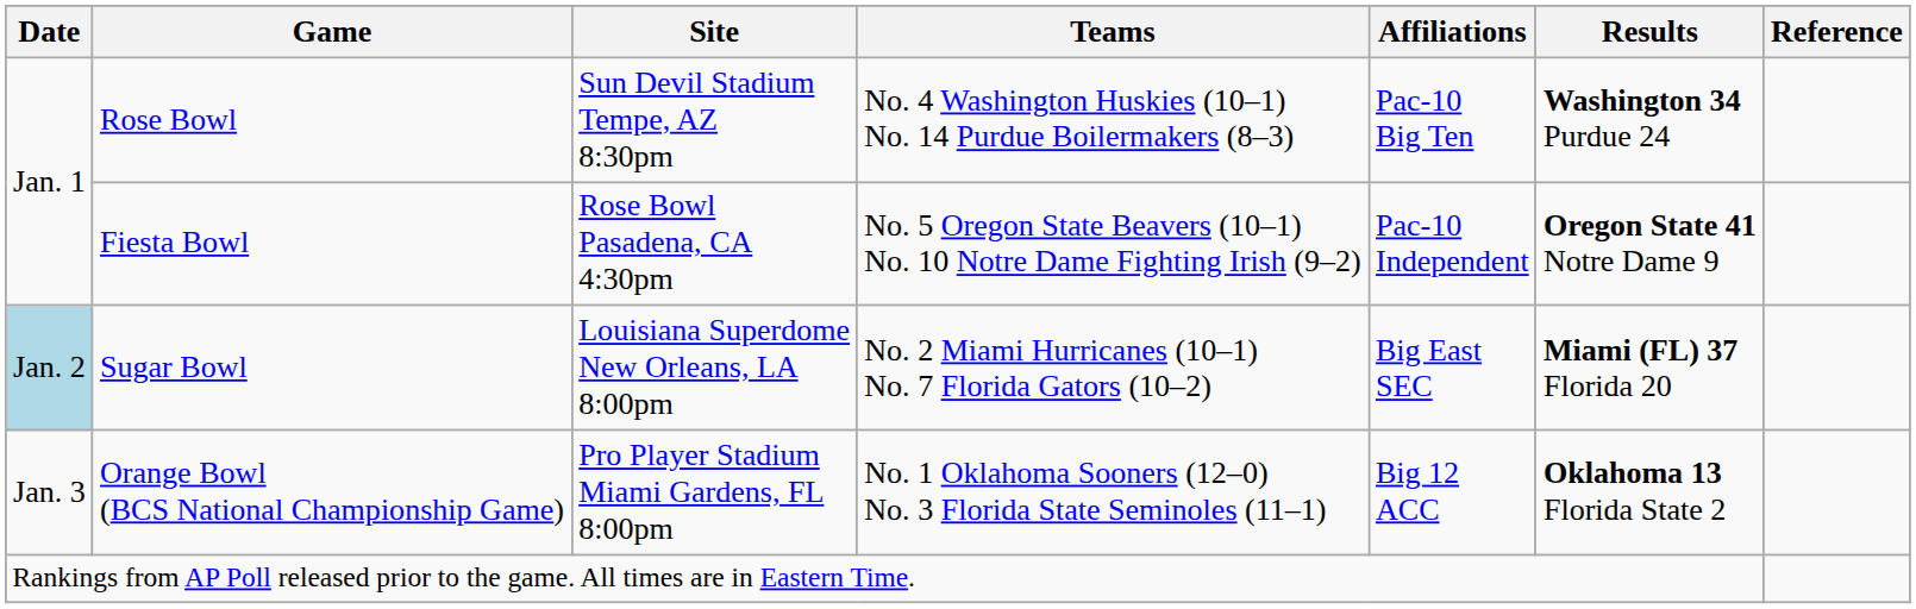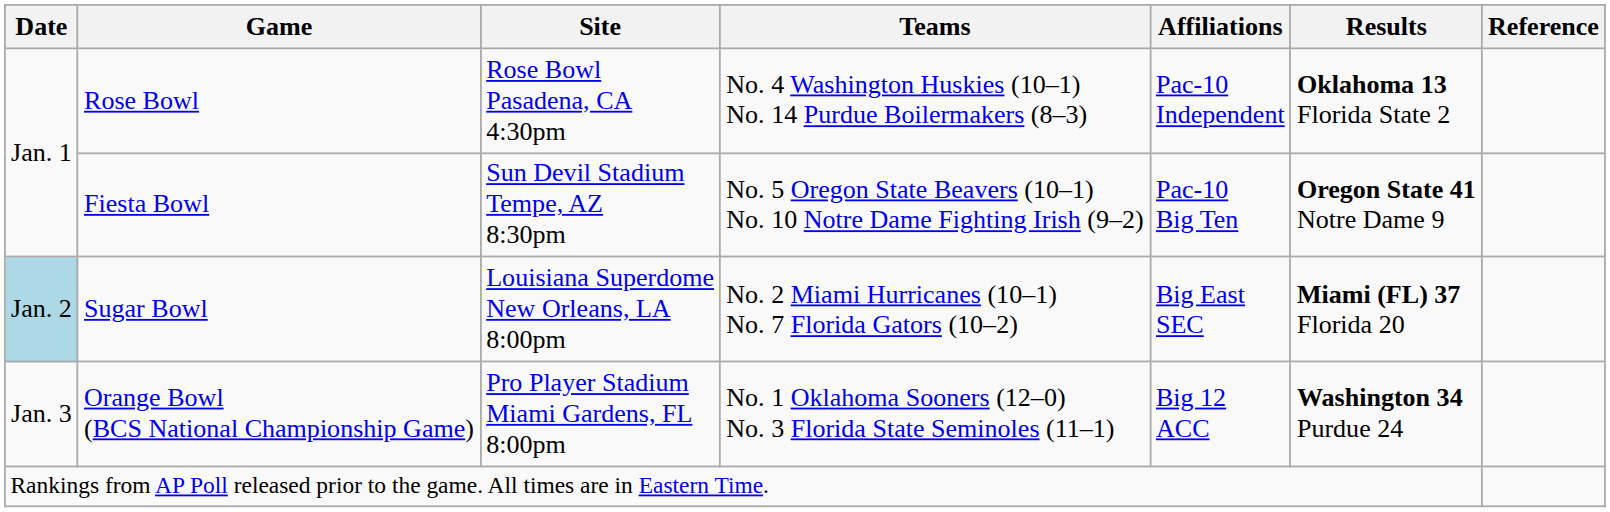 <table class="wikitable" style="font-size:90%">
 <tr>
 <th>Date</th>
 <th>Game</th>
 <th>Site</th>
 <th>Teams</th>
 <th>Affiliations</th>
 <th>Results</th>
 <th>Reference</th>
 </tr>
 <tr>
 <td rowspan=2>Jan. 1</td>
 <td><a href='#'>Rose Bowl</a></td>
-<td><a href='#'>Sun Devil Stadium</a><br><a href='#'>Tempe, AZ</a><br>8:30pm</td>
+<td><a href='#'>Rose Bowl</a><br><a href='#'>Pasadena, CA</a><br>4:30pm</td>
 <td>No. 4 <a href='#'>Washington Huskies</a> (10–1)<br>No. 14 <a href='#'>Purdue Boilermakers</a> (8–3)</td>
-<td><a href='#'>Pac-10</a><br><a href='#'>Big Ten</a></td>
-<td><strong>Washington 34</strong><br>Purdue 24</td>
+<td><a href='#'>Pac-10</a><br><a href='#'>Independent</a></td>
+<td><strong>Oklahoma 13</strong><br>Florida State 2</td>
 <td></td>
 </tr>
 <tr>
 <td><a href='#'>Fiesta Bowl</a></td>
-<td><a href='#'>Rose Bowl</a><br><a href='#'>Pasadena, CA</a><br>4:30pm</td>
+<td><a href='#'>Sun Devil Stadium</a><br><a href='#'>Tempe, AZ</a><br>8:30pm</td>
 <td>No. 5 <a href='#'>Oregon State Beavers</a> (10–1)<br>No. 10 <a href='#'>Notre Dame Fighting Irish</a> (9–2)</td>
-<td><a href='#'>Pac-10</a><br><a href='#'>Independent</a></td>
+<td><a href='#'>Pac-10</a><br><a href='#'>Big Ten</a></td>
 <td><strong>Oregon State 41</strong><br>Notre Dame 9</td>
 <td></td>
 </tr>
 <tr>
 <td style="background: lightblue;">Jan. 2</td>
 <td><a href='#'>Sugar Bowl</a></td>
 <td><a href='#'>Louisiana Superdome</a><br><a href='#'>New Orleans, LA</a><br>8:00pm</td>
 <td>No. 2 <a href='#'>Miami Hurricanes</a> (10–1)<br>No. 7 <a href='#'>Florida Gators</a> (10–2)</td>
 <td><a href='#'>Big East</a><br><a href='#'>SEC</a></td>
 <td><strong>Miami (FL) 37</strong><br>Florida 20</td>
 <td></td>
 </tr>
 <tr>
 <td>Jan. 3</td>
 <td><a href='#'>Orange Bowl</a> <br> (<a href='#'>BCS National Championship Game</a>)</td>
 <td><a href='#'>Pro Player Stadium</a><br><a href='#'>Miami Gardens, FL</a><br>8:00pm</td>
 <td>No. 1 <a href='#'>Oklahoma Sooners</a> (12–0)<br>No. 3 <a href='#'>Florida State Seminoles</a> (11–1)</td>
 <td><a href='#'>Big 12</a><br><a href='#'>ACC</a></td>
-<td><strong>Oklahoma 13</strong><br>Florida State 2</td>
+<td><strong>Washington 34</strong><br>Purdue 24</td>
 <td></td>
 </tr>
 <tr>
 <td colspan=6 style="font-size:90%;">Rankings from <a href='#'>AP Poll</a> released prior to the game. All times are in <a href='#'>Eastern Time</a>.</td>
 </tr>
 </table>
